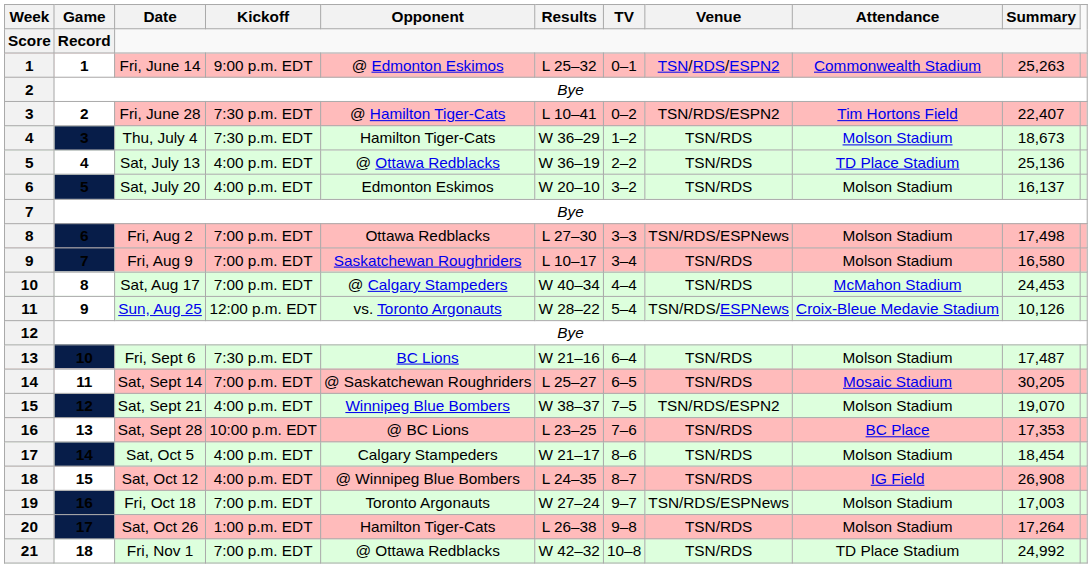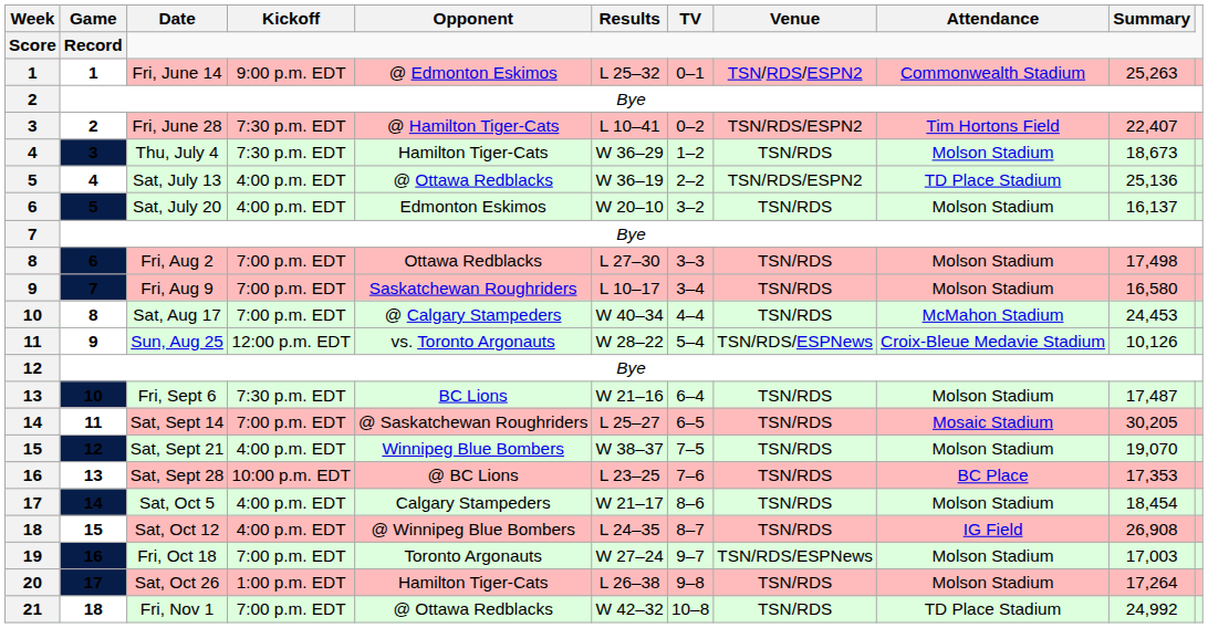 <table class="wikitable" style="font-size: 95%;">
 <tr>
 <th scope="col">Week</th>
 <th scope="col">Game</th>
 <th scope="col">Date</th>
 <th scope="col">Kickoff</th>
 <th scope="col">Opponent</th>
 <th scope="col">Results</th>
 <th scope="col">TV</th>
 <th scope="col">Venue</th>
 <th scope="col">Attendance</th>
 <th scope="col">Summary</th>
 </tr>
 <tr>
 <th scope="col">Score</th>
 <th scope="col">Record</th>
 </tr>
 <tr align="center"= bgcolor="ffbbbb">
 <th align="center"><strong>1</strong></th>
 <th style="text-align:center; background:white;"><span><strong>1</strong></span></th>
 <td align="center">Fri, June 14</td>
 <td align="center">9:00 p.m. EDT</td>
 <td align="center">@ <a href='#'>Edmonton Eskimos</a></td>
 <td align="center">L 25–32</td>
 <td align="center">0–1</td>
 <td align="center"><a href='#'>TSN</a>/<a href='#'>RDS</a>/<a href='#'>ESPN2</a></td>
 <td align="center"><a href='#'>Commonwealth Stadium</a></td>
 <td align="center">25,263</td>
 <td align="center"></td>
 </tr>
 <tr align="center"= bgcolor="ffffff">
 <th align="center"><strong>2</strong></th>
 <td colspan=10 align="center" valign="middle"><em>Bye</em></td>
 </tr>
 <tr align="center"= bgcolor="ffbbbb">
 <th align="center"><strong>3</strong></th>
 <th style="text-align:center; background:white;"><span><strong>2</strong></span></th>
 <td align="center">Fri, June 28</td>
 <td align="center">7:30 p.m. EDT</td>
 <td align="center">@ <a href='#'>Hamilton Tiger-Cats</a></td>
 <td align="center">L 10–41</td>
 <td align="center">0–2</td>
 <td align="center">TSN/RDS/ESPN2</td>
 <td align="center"><a href='#'>Tim Hortons Field</a></td>
 <td align="center">22,407</td>
 <td align="center"></td>
 </tr>
 <tr align="center"= bgcolor="ddffdd">
 <th align="center"><strong>4</strong></th>
 <th style="text-align:center; background:#071D49;"><span><strong>3</strong></span></th>
 <td align="center">Thu, July 4</td>
 <td align="center">7:30 p.m. EDT</td>
 <td align="center">Hamilton Tiger-Cats</td>
 <td align="center">W 36–29</td>
 <td align="center">1–2</td>
 <td align="center">TSN/RDS</td>
 <td align="center"><a href='#'>Molson Stadium</a></td>
 <td align="center">18,673</td>
 <td align="center"></td>
 </tr>
 <tr align="center"= bgcolor="ddffdd">
 <th align="center"><strong>5</strong></th>
 <th style="text-align:center; background:white;"><span><strong>4</strong></span></th>
 <td align="center">Sat, July 13</td>
 <td align="center">4:00 p.m. EDT</td>
 <td align="center">@ <a href='#'>Ottawa Redblacks</a></td>
 <td align="center">W 36–19</td>
 <td align="center">2–2</td>
-<td align="center">TSN/RDS</td>
+<td align="center">TSN/RDS/ESPN2</td>
 <td align="center"><a href='#'>TD Place Stadium</a></td>
 <td align="center">25,136</td>
 <td align="center"></td>
 </tr>
 <tr align="center"= bgcolor="ddffdd">
 <th align="center"><strong>6</strong></th>
 <th style="text-align:center; background:#071D49;"><span><strong>5</strong></span></th>
 <td align="center">Sat, July 20</td>
 <td align="center">4:00 p.m. EDT</td>
 <td align="center">Edmonton Eskimos</td>
 <td align="center">W 20–10</td>
 <td align="center">3–2</td>
 <td align="center">TSN/RDS</td>
 <td align="center">Molson Stadium</td>
 <td align="center">16,137</td>
 <td align="center"></td>
 </tr>
 <tr align="center"= bgcolor="ffffff">
 <th align="center"><strong>7</strong></th>
 <td colspan=10 align="center" valign="middle"><em>Bye</em></td>
 </tr>
 <tr align="center"= bgcolor="ffbbbb">
 <th align="center"><strong>8</strong></th>
 <th style="text-align:center; background:#071D49;"><span><strong>6</strong></span></th>
 <td align="center">Fri, Aug 2</td>
 <td align="center">7:00 p.m. EDT</td>
 <td align="center">Ottawa Redblacks</td>
 <td align="center">L 27–30 </td>
 <td align="center">3–3</td>
-<td align="center">TSN/RDS/ESPNews</td>
+<td align="center">TSN/RDS</td>
 <td align="center">Molson Stadium</td>
 <td align="center">17,498</td>
 <td align="center"></td>
 </tr>
 <tr align="center"= bgcolor="ffbbbb">
 <th align="center"><strong>9</strong></th>
 <th style="text-align:center; background:#071D49;"><span><strong>7</strong></span></th>
 <td align="center">Fri, Aug 9</td>
 <td align="center">7:00 p.m. EDT</td>
 <td align="center"><a href='#'>Saskatchewan Roughriders</a></td>
 <td align="center">L 10–17</td>
 <td align="center">3–4</td>
 <td align="center">TSN/RDS</td>
 <td align="center">Molson Stadium</td>
 <td align="center">16,580</td>
 <td align="center"></td>
 </tr>
 <tr align="center"= bgcolor="ddffdd">
 <th align="center"><strong>10</strong></th>
 <th style="text-align:center; background:white;"><span><strong>8</strong></span></th>
 <td align="center">Sat, Aug 17</td>
 <td align="center">7:00 p.m. EDT</td>
 <td align="center">@ <a href='#'>Calgary Stampeders</a></td>
 <td align="center">W 40–34 </td>
 <td align="center">4–4</td>
 <td align="center">TSN/RDS</td>
 <td align="center"><a href='#'>McMahon Stadium</a></td>
 <td align="center">24,453</td>
 <td align="center"></td>
 </tr>
 <tr align="center"= bgcolor="ddffdd">
 <th align="center"><strong>11</strong></th>
 <th style="text-align:center; background:white;"><span><strong>9</strong></span></th>
 <td align="center"><a href='#'>Sun, Aug 25</a></td>
 <td align="center">12:00 p.m. EDT</td>
 <td align="center">vs. <a href='#'>Toronto Argonauts</a></td>
 <td align="center">W 28–22</td>
 <td align="center">5–4</td>
 <td align="center">TSN/RDS/<a href='#'>ESPNews</a></td>
 <td align="center"><a href='#'>Croix-Bleue Medavie Stadium</a></td>
 <td align="center">10,126</td>
 <td align="center"></td>
 </tr>
 <tr align="center"= bgcolor="ffffff">
 <th align="center"><strong>12</strong></th>
 <td colspan=10 align="center" valign="middle"><em>Bye</em></td>
 </tr>
 <tr align="center"= bgcolor="ddffdd">
 <th align="center"><strong>13</strong></th>
 <th style="text-align:center; background:#071D49;"><span><strong>10</strong></span></th>
 <td align="center">Fri, Sept 6</td>
 <td align="center">7:30 p.m. EDT</td>
 <td align="center"><a href='#'>BC Lions</a></td>
 <td align="center">W 21–16</td>
 <td align="center">6–4</td>
 <td align="center">TSN/RDS</td>
 <td align="center">Molson Stadium</td>
 <td align="center">17,487</td>
 <td align="center"></td>
 </tr>
 <tr align="center"= bgcolor="ffbbbb">
 <th align="center"><strong>14</strong></th>
 <th style="text-align:center; background:white;"><span><strong>11</strong></span></th>
 <td align="center">Sat, Sept 14</td>
 <td align="center">7:00 p.m. EDT</td>
 <td align="center">@ Saskatchewan Roughriders</td>
 <td align="center">L 25–27</td>
 <td align="center">6–5</td>
 <td align="center">TSN/RDS</td>
 <td align="center"><a href='#'>Mosaic Stadium</a></td>
 <td align="center">30,205</td>
 <td align="center"></td>
 </tr>
 <tr align="center"= bgcolor="ddffdd">
 <th align="center"><strong>15</strong></th>
 <th style="text-align:center; background:#071D49;"><span><strong>12</strong></span></th>
 <td align="center">Sat, Sept 21</td>
 <td align="center">4:00 p.m. EDT</td>
 <td align="center"><a href='#'>Winnipeg Blue Bombers</a></td>
 <td align="center">W 38–37</td>
 <td align="center">7–5</td>
-<td align="center">TSN/RDS/ESPN2</td>
+<td align="center">TSN/RDS</td>
 <td align="center">Molson Stadium</td>
 <td align="center">19,070</td>
 <td align="center"></td>
 </tr>
 <tr align="center"= bgcolor="ffbbbb">
 <th align="center"><strong>16</strong></th>
 <th style="text-align:center; background:white;"><span><strong>13</strong></span></th>
 <td align="center">Sat, Sept 28</td>
 <td align="center">10:00 p.m. EDT</td>
 <td align="center">@ BC Lions</td>
 <td align="center">L 23–25</td>
 <td align="center">7–6</td>
 <td align="center">TSN/RDS</td>
 <td align="center"><a href='#'>BC Place</a></td>
 <td align="center">17,353</td>
 <td align="center"></td>
 </tr>
 <tr align="center"= bgcolor="ddffdd">
 <th align="center"><strong>17</strong></th>
 <th style="text-align:center; background:#071D49;"><span><strong>14</strong></span></th>
 <td align="center">Sat, Oct 5</td>
 <td align="center">4:00 p.m. EDT</td>
 <td align="center">Calgary Stampeders</td>
 <td align="center">W 21–17</td>
 <td align="center">8–6</td>
 <td align="center">TSN/RDS</td>
 <td align="center">Molson Stadium</td>
 <td align="center">18,454</td>
 <td align="center"></td>
 </tr>
 <tr align="center"= bgcolor="ffbbbb">
 <th align="center"><strong>18</strong></th>
 <th style="text-align:center; background:white;"><span><strong>15</strong></span></th>
 <td align="center">Sat, Oct 12</td>
 <td align="center">4:00 p.m. EDT</td>
 <td align="center">@ Winnipeg Blue Bombers</td>
 <td align="center">L 24–35</td>
 <td align="center">8–7</td>
 <td align="center">TSN/RDS</td>
 <td align="center"><a href='#'>IG Field</a></td>
 <td align="center">26,908</td>
 <td align="center"></td>
 </tr>
 <tr align="center"= bgcolor="ddffdd">
 <th align="center"><strong>19</strong></th>
 <th style="text-align:center; background:#071D49;"><span><strong>16</strong></span></th>
 <td align="center">Fri, Oct 18</td>
 <td align="center">7:00 p.m. EDT</td>
 <td align="center">Toronto Argonauts</td>
 <td align="center">W 27–24</td>
 <td align="center">9–7</td>
 <td align="center">TSN/RDS/ESPNews</td>
 <td align="center">Molson Stadium</td>
 <td align="center">17,003</td>
 <td align="center"></td>
 </tr>
 <tr align="center"= bgcolor="ffbbbb">
 <th align="center"><strong>20</strong></th>
 <th style="text-align:center; background:#071D49;"><span><strong>17</strong></span></th>
 <td align="center">Sat, Oct 26</td>
 <td align="center">1:00 p.m. EDT</td>
 <td align="center">Hamilton Tiger-Cats</td>
 <td align="center">L 26–38</td>
 <td align="center">9–8</td>
 <td align="center">TSN/RDS</td>
 <td align="center">Molson Stadium</td>
 <td align="center">17,264</td>
 <td align="center"></td>
 </tr>
 <tr align="center"= bgcolor="ddffdd">
 <th align="center"><strong>21</strong></th>
 <th style="text-align:center; background:white;"><span><strong>18</strong></span></th>
 <td align="center">Fri, Nov 1</td>
 <td align="center">7:00 p.m. EDT</td>
 <td align="center">@ Ottawa Redblacks</td>
 <td align="center">W 42–32</td>
 <td align="center">10–8</td>
 <td align="center">TSN/RDS</td>
 <td align="center">TD Place Stadium</td>
 <td align="center">24,992</td>
 <td align="center"></td>
 </tr>
 </table>
